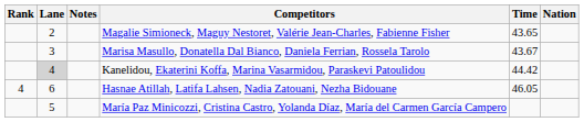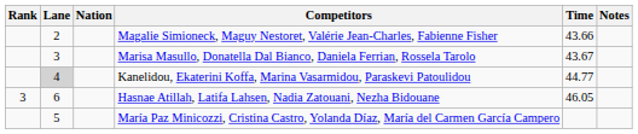 <table class="wikitable sortable" style="text-align:center; font-size:95%">
 <tr>
 <th>Rank</th>
 <th>Lane</th>
-<th>Notes</th>
+<th>Nation</th>
 <th>Competitors</th>
 <th>Time</th>
-<th>Nation</th>
+<th>Notes</th>
 </tr>
 <tr>
 <td></td>
 <td>2</td>
+<td align=left></td>
+<td align=left><a href='#'>Magalie Simioneck</a>, <a href='#'>Maguy Nestoret</a>, <a href='#'>Valérie Jean-Charles</a>, <a href='#'>Fabienne Fisher</a></td>
+<td>43.66</td>
 <td></td>
-<td align=left><a href='#'>Magalie Simioneck</a>, <a href='#'>Maguy Nestoret</a>, <a href='#'>Valérie Jean-Charles</a>, <a href='#'>Fabienne Fisher</a></td>
-<td>43.65</td>
-<td align=left></td>
 </tr>
 <tr>
 <td></td>
 <td>3</td>
-<td></td>
+<td align=left></td>
 <td align=left><a href='#'>Marisa Masullo</a>, <a href='#'>Donatella Dal Bianco</a>, <a href='#'>Daniela Ferrian</a>, <a href='#'>Rossela Tarolo</a></td>
 <td>43.67</td>
-<td align=left></td>
+<td></td>
 </tr>
 <tr>
 <td></td>
 <td style="background: lightgrey;">4</td>
+<td align=left></td>
+<td align=left>Kanelidou, <a href='#'>Ekaterini Koffa</a>, <a href='#'>Marina Vasarmidou</a>, <a href='#'>Paraskevi Patoulidou</a></td>
+<td>44.77</td>
 <td></td>
-<td align=left>Kanelidou, <a href='#'>Ekaterini Koffa</a>, <a href='#'>Marina Vasarmidou</a>, <a href='#'>Paraskevi Patoulidou</a></td>
-<td>44.42</td>
-<td align=left></td>
 </tr>
 <tr>
-<td>4</td>
+<td>3</td>
 <td>6</td>
-<td></td>
+<td align=left></td>
 <td align=left><a href='#'>Hasnae Atillah</a>, <a href='#'>Latifa Lahsen</a>, <a href='#'>Nadia Zatouani</a>, <a href='#'>Nezha Bidouane</a></td>
 <td>46.05</td>
-<td align=left></td>
+<td></td>
 </tr>
 <tr>
 <td></td>
 <td>5</td>
-<td></td>
+<td align=left></td>
 <td align=left><a href='#'>María Paz Minicozzi</a>, <a href='#'>Cristina Castro</a>, <a href='#'>Yolanda Díaz</a>, <a href='#'>María del Carmen García Campero</a></td>
 <td></td>
-<td align=left></td>
+<td></td>
 </tr>
 </table>
